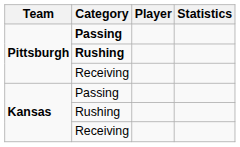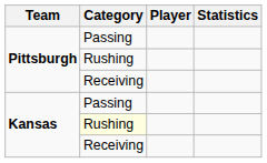 <table class="wikitable" style="float: right;">
 <tr>
 <th>Team</th>
 <th>Category</th>
 <th>Player</th>
 <th>Statistics</th>
 </tr>
 <tr>
 <td rowspan=3><strong>Pittsburgh</strong></td>
-<td><strong>Passing</strong></td>
+<td>Passing</td>
 <td></td>
 <td></td>
 </tr>
 <tr>
-<td><strong>Rushing</strong></td>
+<td>Rushing</td>
 <td></td>
 <td></td>
 </tr>
 <tr>
 <td>Receiving</td>
 <td></td>
 <td></td>
 </tr>
 <tr>
 <td rowspan=3><strong>Kansas</strong></td>
 <td>Passing</td>
 <td></td>
 <td></td>
 </tr>
 <tr>
-<td>Rushing</td>
+<td style="background: lightyellow;">Rushing</td>
 <td></td>
 <td></td>
 </tr>
 <tr>
 <td>Receiving</td>
 <td></td>
 <td></td>
 </tr>
 </table>
